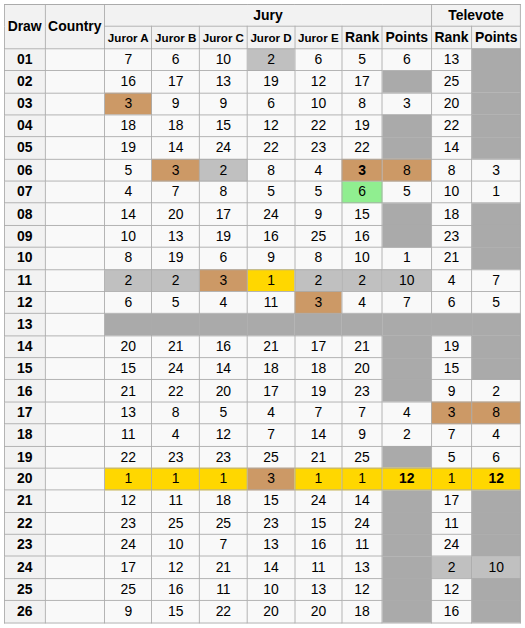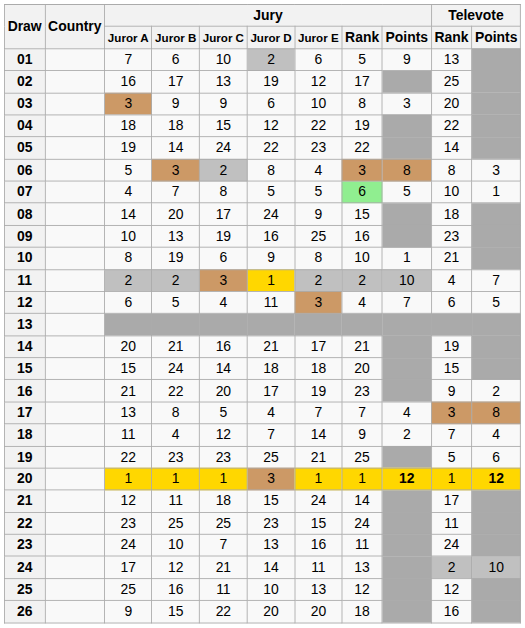 <table class="sortable wikitable collapsible plainrowheaders" style="text-align:center;">
 <tr>
 </tr>
 <tr>
 <th scope="col" rowspan="2">Draw</th>
 <th scope="col" rowspan="2">Country</th>
 <th scope="col" colspan="7">Jury</th>
 <th scope="col" colspan="2">Televote</th>
 </tr>
 <tr>
 <th scope="col"><small>Juror A</small></th>
 <th scope="col"><small>Juror B</small></th>
 <th scope="col"><small>Juror C</small></th>
 <th scope="col"><small>Juror D</small></th>
 <th scope="col"><small>Juror E</small></th>
 <th scope="col">Rank</th>
 <th scope="col">Points</th>
 <th scope="col">Rank</th>
 <th scope="col">Points</th>
 </tr>
 <tr>
 <th scope="row" style="text-align:center;">01</th>
 <td style="text-align:left;"></td>
 <td>7</td>
 <td>6</td>
 <td>10</td>
 <td style="background:silver;">2</td>
 <td>6</td>
 <td>5</td>
-<td>6</td>
+<td>9</td>
 <td>13</td>
 <td style="background:#AAAAAA;"></td>
 </tr>
 <tr>
 <th scope="row" style="text-align:center;">02</th>
 <td style="text-align:left;"></td>
 <td>16</td>
 <td>17</td>
 <td>13</td>
 <td>19</td>
 <td>12</td>
 <td>17</td>
 <td style="background:#AAAAAA;"></td>
 <td>25</td>
 <td style="background:#AAAAAA;"></td>
 </tr>
 <tr>
 <th scope="row" style="text-align:center;">03</th>
 <td style="text-align:left;"></td>
 <td style="background:#CC9966;">3</td>
 <td>9</td>
 <td>9</td>
 <td>6</td>
 <td>10</td>
 <td>8</td>
 <td>3</td>
 <td>20</td>
 <td style="background:#AAAAAA;"></td>
 </tr>
 <tr>
 <th scope="row" style="text-align:center;">04</th>
 <td style="text-align:left;"></td>
 <td>18</td>
 <td>18</td>
 <td>15</td>
 <td>12</td>
 <td>22</td>
 <td>19</td>
 <td style="background:#AAAAAA;"></td>
 <td>22</td>
 <td style="background:#AAAAAA;"></td>
 </tr>
 <tr>
 <th scope="row" style="text-align:center;">05</th>
 <td style="text-align:left;"></td>
 <td>19</td>
 <td>14</td>
 <td>24</td>
 <td>22</td>
 <td>23</td>
 <td>22</td>
 <td style="background:#AAAAAA;"></td>
 <td>14</td>
 <td style="background:#AAAAAA;"></td>
 </tr>
 <tr>
 <th scope="row" style="text-align:center;">06</th>
 <td style="text-align:left;"></td>
 <td>5</td>
 <td style="background:#CC9966;">3</td>
 <td style="background:silver;">2</td>
 <td>8</td>
 <td>4</td>
-<td style="background:#CC9966;"><strong>3</strong></td>
+<td style="background:#CC9966;">3</td>
 <td style="background:#CC9966;">8</td>
 <td>8</td>
 <td>3</td>
 </tr>
 <tr>
 <th scope="row" style="text-align:center;">07</th>
 <td style="text-align:left;"></td>
 <td>4</td>
 <td>7</td>
 <td>8</td>
 <td>5</td>
 <td>5</td>
 <td style="background: lightgreen;">6</td>
 <td>5</td>
 <td>10</td>
 <td>1</td>
 </tr>
 <tr>
 <th scope="row" style="text-align:center;">08</th>
 <td style="text-align:left;"></td>
 <td>14</td>
 <td>20</td>
 <td>17</td>
 <td>24</td>
 <td>9</td>
 <td>15</td>
 <td style="background:#AAAAAA;"></td>
 <td>18</td>
 <td style="background:#AAAAAA;"></td>
 </tr>
 <tr>
 <th scope="row" style="text-align:center;">09</th>
 <td style="text-align:left;"></td>
 <td>10</td>
 <td>13</td>
 <td>19</td>
 <td>16</td>
 <td>25</td>
 <td>16</td>
 <td style="background:#AAAAAA;"></td>
 <td>23</td>
 <td style="background:#AAAAAA;"></td>
 </tr>
 <tr>
 <th scope="row" style="text-align:center;">10</th>
 <td style="text-align:left;"></td>
 <td>8</td>
 <td>19</td>
 <td>6</td>
 <td>9</td>
 <td>8</td>
 <td>10</td>
 <td>1</td>
 <td>21</td>
 <td style="background:#AAAAAA;"></td>
 </tr>
 <tr>
 <th scope="row" style="text-align:center;">11</th>
 <td style="text-align:left;"></td>
 <td style="background:silver;">2</td>
 <td style="background:silver;">2</td>
 <td style="background:#CC9966;">3</td>
 <td style="background:gold;">1</td>
 <td style="background:silver;">2</td>
 <td style="background:silver;">2</td>
 <td style="background:silver;">10</td>
 <td>4</td>
 <td>7</td>
 </tr>
 <tr>
 <th scope="row" style="text-align:center;">12</th>
 <td style="text-align:left;"></td>
 <td>6</td>
 <td>5</td>
 <td>4</td>
 <td>11</td>
 <td style="background:#CC9966;">3</td>
 <td>4</td>
 <td>7</td>
 <td>6</td>
 <td>5</td>
 </tr>
 <tr class="sortbottom">
 <th scope="row" style="text-align:center;">13</th>
 <td style="text-align:left;"></td>
 <td style="background:#AAAAAA;"></td>
 <td style="background:#AAAAAA;"></td>
 <td style="background:#AAAAAA;"></td>
 <td style="background:#AAAAAA;"></td>
 <td style="background:#AAAAAA;"></td>
 <td style="background:#AAAAAA;"></td>
 <td style="background:#AAAAAA;"></td>
 <td style="background:#AAAAAA;"></td>
 <td style="background:#AAAAAA;"></td>
 </tr>
 <tr>
 <th scope="row" style="text-align:center;">14</th>
 <td style="text-align:left;"></td>
 <td>20</td>
 <td>21</td>
 <td>16</td>
 <td>21</td>
 <td>17</td>
 <td>21</td>
 <td style="background:#AAAAAA;"></td>
 <td>19</td>
 <td style="background:#AAAAAA;"></td>
 </tr>
 <tr>
 <th scope="row" style="text-align:center;">15</th>
 <td style="text-align:left;"></td>
 <td>15</td>
 <td>24</td>
 <td>14</td>
 <td>18</td>
 <td>18</td>
 <td>20</td>
 <td style="background:#AAAAAA;"></td>
 <td>15</td>
 <td style="background:#AAAAAA;"></td>
 </tr>
 <tr>
 <th scope="row" style="text-align:center;">16</th>
 <td style="text-align:left;"></td>
 <td>21</td>
 <td>22</td>
 <td>20</td>
 <td>17</td>
 <td>19</td>
 <td>23</td>
 <td style="background:#AAAAAA;"></td>
 <td>9</td>
 <td>2</td>
 </tr>
 <tr>
 <th scope="row" style="text-align:center;">17</th>
 <td style="text-align:left;"></td>
 <td>13</td>
 <td>8</td>
 <td>5</td>
 <td>4</td>
 <td>7</td>
 <td>7</td>
 <td>4</td>
 <td style="background:#CC9966;">3</td>
 <td style="background:#CC9966;">8</td>
 </tr>
 <tr>
 <th scope="row" style="text-align:center;">18</th>
 <td style="text-align:left;"></td>
 <td>11</td>
 <td>4</td>
 <td>12</td>
 <td>7</td>
 <td>14</td>
 <td>9</td>
 <td>2</td>
 <td>7</td>
 <td>4</td>
 </tr>
 <tr>
 <th scope="row" style="text-align:center;">19</th>
 <td style="text-align:left;"></td>
 <td>22</td>
 <td>23</td>
 <td>23</td>
 <td>25</td>
 <td>21</td>
 <td>25</td>
 <td style="background:#AAAAAA;"></td>
 <td>5</td>
 <td>6</td>
 </tr>
 <tr>
 <th scope="row" style="text-align:center;">20</th>
 <td style="text-align:left;"></td>
 <td style="background:gold;">1</td>
 <td style="background:gold;">1</td>
 <td style="background:gold;">1</td>
 <td style="background:#CC9966;">3</td>
 <td style="background:gold;">1</td>
 <td style="background:gold;">1</td>
 <td style="background:gold;"><strong>12</strong></td>
 <td style="background:gold;">1</td>
 <td style="background:gold;"><strong>12</strong></td>
 </tr>
 <tr>
 <th scope="row" style="text-align:center;">21</th>
 <td style="text-align:left;"></td>
 <td>12</td>
 <td>11</td>
 <td>18</td>
 <td>15</td>
 <td>24</td>
 <td>14</td>
 <td style="background:#AAAAAA;"></td>
 <td>17</td>
 <td style="background:#AAAAAA;"></td>
 </tr>
 <tr>
 <th scope="row" style="text-align:center;">22</th>
 <td style="text-align:left;"></td>
 <td>23</td>
 <td>25</td>
 <td>25</td>
 <td>23</td>
 <td>15</td>
 <td>24</td>
 <td style="background:#AAAAAA;"></td>
 <td>11</td>
 <td style="background:#AAAAAA;"></td>
 </tr>
 <tr>
 <th scope="row" style="text-align:center;">23</th>
 <td style="text-align:left;"></td>
 <td>24</td>
 <td>10</td>
 <td>7</td>
 <td>13</td>
 <td>16</td>
 <td>11</td>
 <td style="background:#AAAAAA;"></td>
 <td>24</td>
 <td style="background:#AAAAAA;"></td>
 </tr>
 <tr>
 <th scope="row" style="text-align:center;">24</th>
 <td style="text-align:left;"></td>
 <td>17</td>
 <td>12</td>
 <td>21</td>
 <td>14</td>
 <td>11</td>
 <td>13</td>
 <td style="background:#AAAAAA;"></td>
 <td style="background:silver;">2</td>
 <td style="background:silver;">10</td>
 </tr>
 <tr>
 <th scope="row" style="text-align:center;">25</th>
 <td style="text-align:left;"></td>
 <td>25</td>
 <td>16</td>
 <td>11</td>
 <td>10</td>
 <td>13</td>
 <td>12</td>
 <td style="background:#AAAAAA;"></td>
 <td>12</td>
 <td style="background:#AAAAAA;"></td>
 </tr>
 <tr>
 <th scope="row" style="text-align:center;">26</th>
 <td style="text-align:left;"></td>
 <td>9</td>
 <td>15</td>
 <td>22</td>
 <td>20</td>
 <td>20</td>
 <td>18</td>
 <td style="background:#AAAAAA;"></td>
 <td>16</td>
 <td style="background:#AAAAAA;"></td>
 </tr>
 </table>
